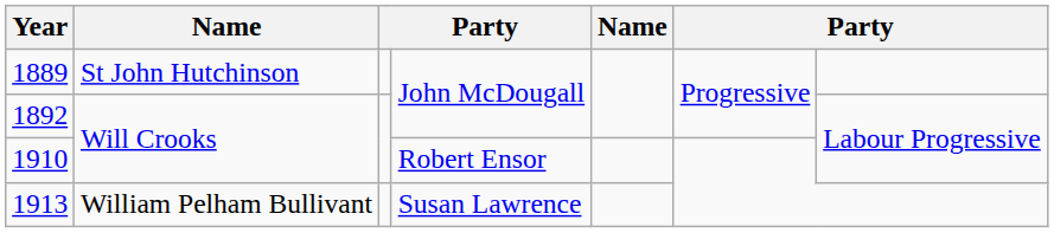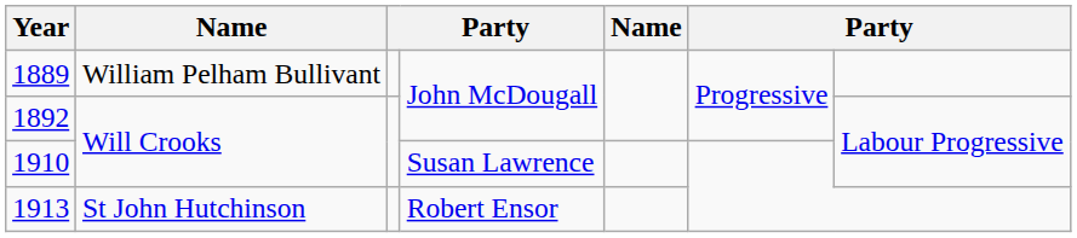 <table class="wikitable">
 <tr>
 <th>Year</th>
 <th>Name</th>
 <th colspan=2>Party</th>
 <th>Name</th>
 <th colspan=2>Party</th>
 </tr>
 <tr>
 <td><a href='#'>1889</a></td>
-<td><a href='#'>St John Hutchinson</a></td>
+<td>William Pelham Bullivant</td>
 <td></td>
 <td rowspan=2><a href='#'>John McDougall</a></td>
 <td rowspan=2 style="background-color: "></td>
 <td rowspan=2><a href='#'>Progressive</a></td>
 </tr>
 <tr>
 <td><a href='#'>1892</a></td>
 <td rowspan=2><a href='#'>Will Crooks</a></td>
 <td rowspan=2 style="background-color: "></td>
 <td rowspan=2><a href='#'>Labour Progressive</a></td>
 </tr>
 <tr>
 <td><a href='#'>1910</a></td>
-<td><a href='#'>Robert Ensor</a></td>
+<td><a href='#'>Susan Lawrence</a></td>
 <td></td>
 </tr>
 <tr>
 <td><a href='#'>1913</a></td>
-<td>William Pelham Bullivant</td>
+<td><a href='#'>St John Hutchinson</a></td>
 <td></td>
-<td><a href='#'>Susan Lawrence</a></td>
+<td><a href='#'>Robert Ensor</a></td>
 <td></td>
 </tr>
 </table>
